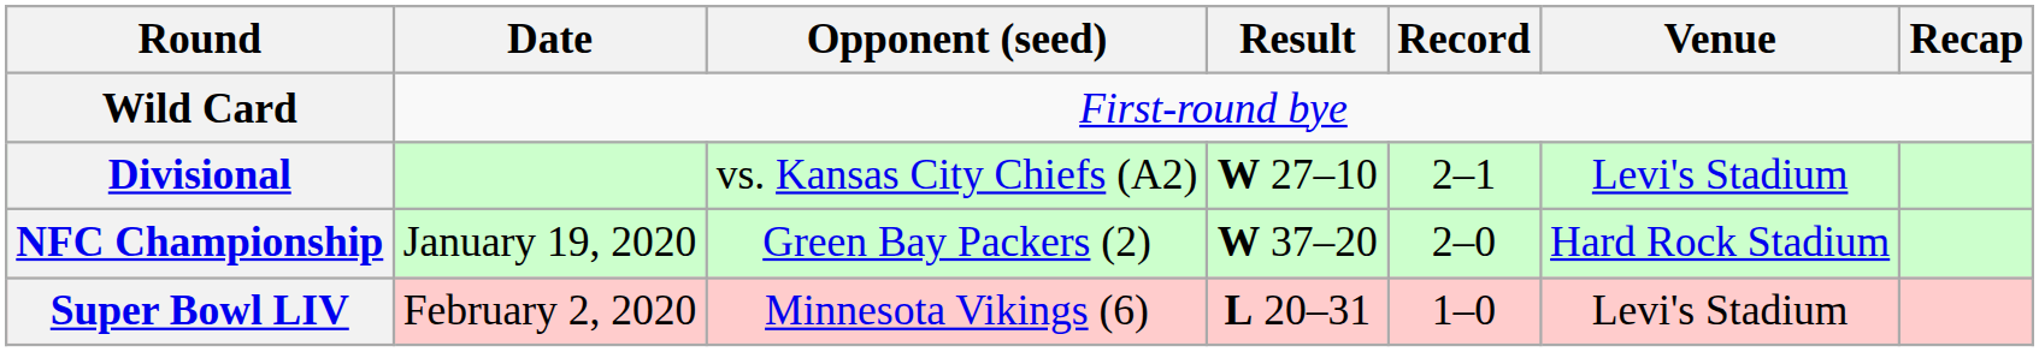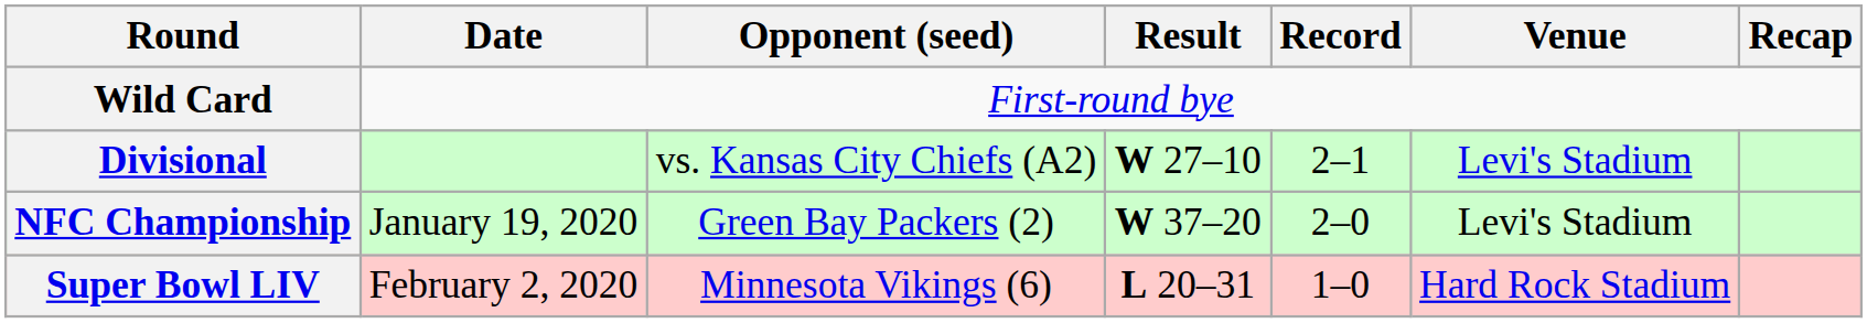 <table class="wikitable" style="text-align:center">
 <tr>
 <th>Round</th>
 <th>Date</th>
 <th>Opponent (seed)</th>
 <th>Result</th>
 <th>Record</th>
 <th>Venue</th>
 <th>Recap</th>
 </tr>
 <tr>
 <th>Wild Card</th>
 <td colspan="6"><em><a href='#'>First-round bye</a></em></td>
 </tr>
 <tr style="background:#cfc">
 <th><a href='#'>Divisional</a></th>
 <td></td>
 <td>vs. <a href='#'>Kansas City Chiefs</a> (A2)</td>
 <td><strong>W</strong> 27–10</td>
 <td>2–1</td>
 <td><a href='#'>Levi's Stadium</a></td>
 <td></td>
 </tr>
 <tr style="background:#cfc">
 <th><a href='#'>NFC Championship</a></th>
 <td>January 19, 2020</td>
 <td><a href='#'>Green Bay Packers</a> (2)</td>
 <td><strong>W</strong> 37–20</td>
 <td>2–0</td>
-<td><a href='#'>Hard Rock Stadium</a></td>
+<td>Levi's Stadium</td>
 <td></td>
 </tr>
 <tr style="background:#fcc">
 <th><a href='#'>Super Bowl LIV</a></th>
 <td>February 2, 2020</td>
 <td><a href='#'>Minnesota Vikings</a> (6)</td>
 <td><strong>L</strong> 20–31</td>
 <td>1–0</td>
-<td>Levi's Stadium</td>
+<td><a href='#'>Hard Rock Stadium</a></td>
 <td></td>
 </tr>
 </table>
